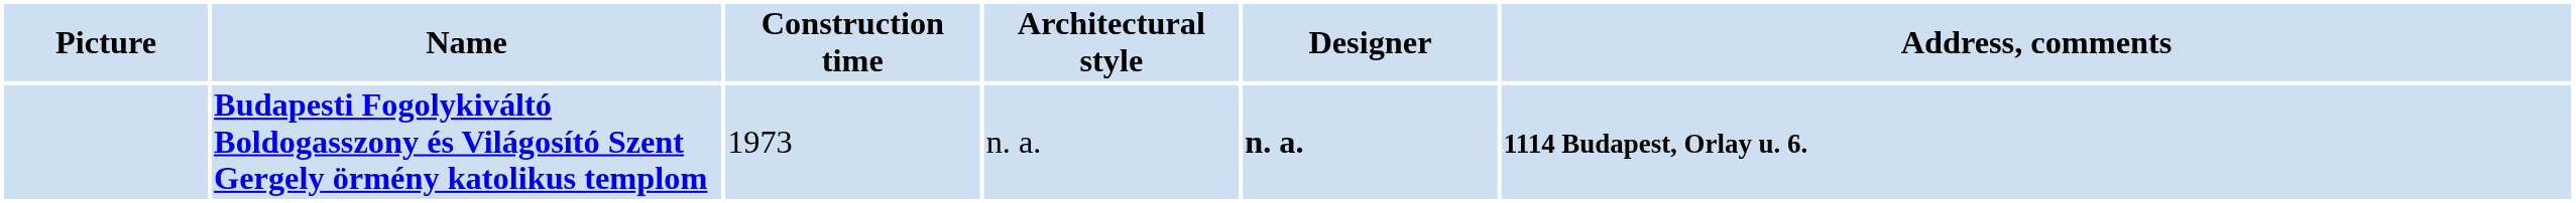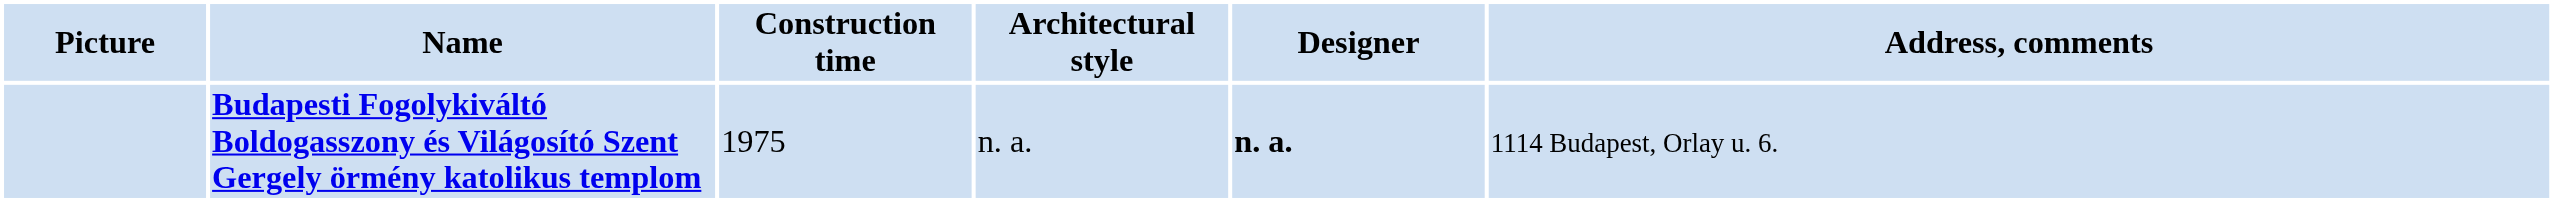 <table width="100%">
 <tr>
 <th bgcolor="#CEDFF2" width="8%">Picture</th>
 <th bgcolor="#CEDFF2" width="20%">Name</th>
 <th bgcolor="#CEDFF2" width="10%">Construction time</th>
 <th bgcolor="#CEDFF2" width="10%">Architectural style</th>
 <th bgcolor="#CEDFF2" width="10%">Designer</th>
 <th bgcolor="#CEDFF2" width="42%">Address, comments</th>
 </tr>
 <tr>
 <td bgcolor="#CEDFF2"></td>
 <td bgcolor="#CEDFF2"><strong><a href='#'>Budapesti Fogolykiváltó Boldogasszony és Világosító Szent Gergely örmény katolikus templom</a></strong></td>
-<td bgcolor="#CEDFF2">1973</td>
+<td bgcolor="#CEDFF2">1975</td>
 <td bgcolor="#CEDFF2">n. a.</td>
 <td bgcolor="#CEDFF2"><strong>n. a.</strong></td>
-<td bgcolor="#CEDFF2"><strong><small>1114  Budapest, Orlay u. 6. </small></strong></td>
+<td bgcolor="#CEDFF2"><small>1114  Budapest, Orlay u. 6. </small></td>
 </tr>
 </table>
